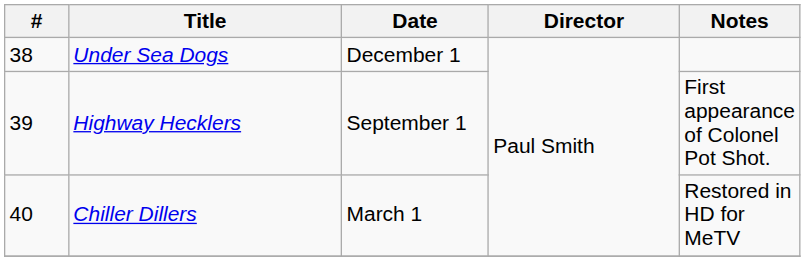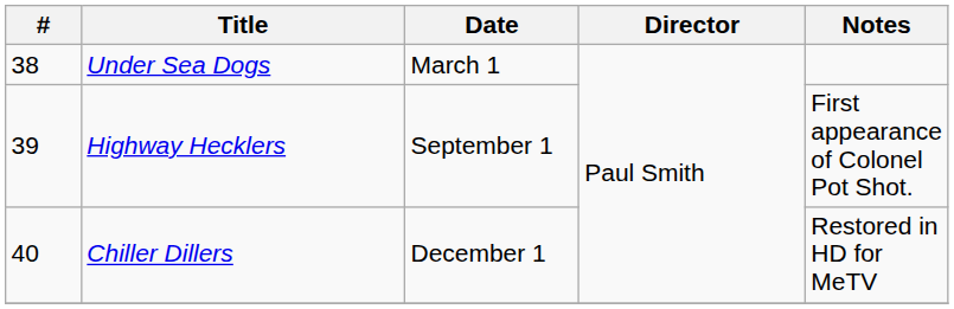 <table class="wikitable">
 <tr>
 <th style="width:3em">#</th>
 <th style="width:15em">Title</th>
 <th style="width:7em">Date</th>
 <th style="width:10em">Director</th>
 <th>Notes</th>
 </tr>
 <tr>
 <td>38</td>
 <td><em><a href='#'>Under Sea Dogs</a></em></td>
-<td>December 1</td>
+<td>March 1</td>
 <td rowspan=3>Paul Smith</td>
 <td></td>
 </tr>
 <tr>
 <td>39</td>
 <td><em><a href='#'>Highway Hecklers</a></em></td>
 <td>September 1</td>
 <td>First appearance of Colonel Pot Shot.</td>
 </tr>
 <tr>
 <td>40</td>
 <td><em><a href='#'>Chiller Dillers</a></em></td>
-<td>March 1</td>
+<td>December 1</td>
 <td>Restored in HD for MeTV</td>
 </tr>
 <tr>
 </tr>
 </table>
